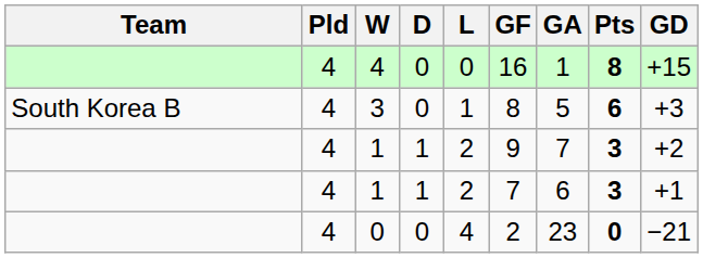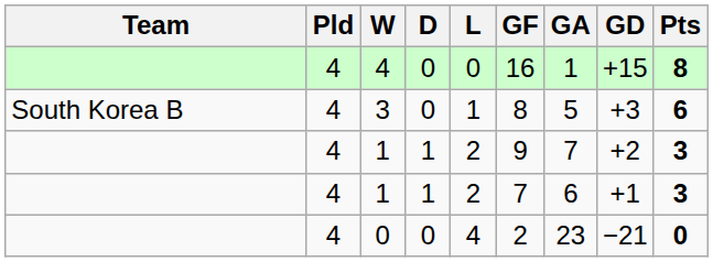 <table class="wikitable" style="text-align: center;">
 <tr>
 <th width=175>Team</th>
 <th width=20>Pld</th>
 <th width=20>W</th>
 <th width=20>D</th>
 <th width=20>L</th>
 <th width=20>GF</th>
 <th width=20>GA</th>
+<th width=20>GD</th>
 <th width=20>Pts</th>
-<th width=20>GD</th>
 </tr>
 <tr bgcolor=ccffcc>
 <td style="text-align:left;"></td>
 <td>4</td>
 <td>4</td>
 <td>0</td>
 <td>0</td>
 <td>16</td>
 <td>1</td>
+<td>+15</td>
 <td><strong>8</strong></td>
-<td>+15</td>
 </tr>
 <tr>
 <td style="text-align:left;"> South Korea B</td>
 <td>4</td>
 <td>3</td>
 <td>0</td>
 <td>1</td>
 <td>8</td>
 <td>5</td>
+<td>+3</td>
 <td><strong>6</strong></td>
-<td>+3</td>
 </tr>
 <tr>
 <td style="text-align:left;"></td>
 <td>4</td>
 <td>1</td>
 <td>1</td>
 <td>2</td>
 <td>9</td>
 <td>7</td>
+<td>+2</td>
 <td><strong>3</strong></td>
-<td>+2</td>
 </tr>
 <tr>
 <td style="text-align:left;"></td>
 <td>4</td>
 <td>1</td>
 <td>1</td>
 <td>2</td>
 <td>7</td>
 <td>6</td>
+<td>+1</td>
 <td><strong>3</strong></td>
-<td>+1</td>
 </tr>
 <tr>
 <td style="text-align:left;"></td>
 <td>4</td>
 <td>0</td>
 <td>0</td>
 <td>4</td>
 <td>2</td>
 <td>23</td>
+<td>−21</td>
 <td><strong>0</strong></td>
-<td>−21</td>
 </tr>
 </table>
